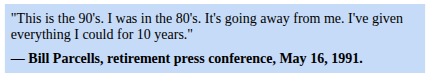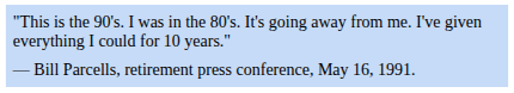 <table class="toccolours" style="float: right; margin-left: 1em; margin-right: 2em; font-size: 85%; background:#c6dbf7; color:black; width:30em; max-width: 40%;" cellspacing="5">
 <tr>
 <td style="text-align: left;">"This is the 90's. I was in the 80's. It's going away from me. I've given everything I could for 10 years."</td>
 </tr>
 <tr>
-<td style="text-align: left;"><strong>— Bill Parcells, retirement press conference, May 16, 1991.</strong></td>
+<td style="text-align: left;">— Bill Parcells, retirement press conference, May 16, 1991.</td>
 </tr>
 </table>
